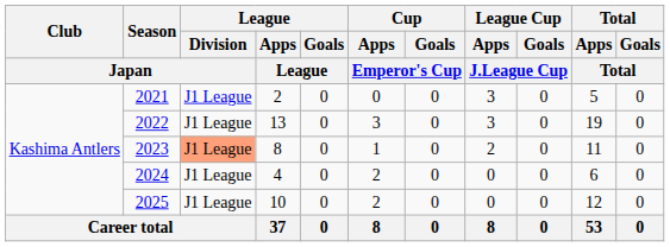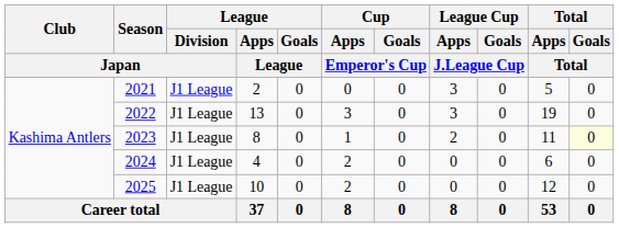 <table class="wikitable" style="text-align:center;">
 <tr>
 <th rowspan=2>Club</th>
 <th rowspan=2>Season</th>
 <th colspan=3>League</th>
 <th colspan=2>Cup</th>
 <th colspan=2>League Cup</th>
 <th colspan=2>Total</th>
 </tr>
 <tr>
 <th>Division</th>
 <th>Apps</th>
 <th>Goals</th>
 <th>Apps</th>
 <th>Goals</th>
 <th>Apps</th>
 <th>Goals</th>
 <th>Apps</th>
 <th>Goals</th>
 </tr>
 <tr>
 <th colspan=3>Japan</th>
 <th colspan=2>League</th>
 <th colspan=2><a href='#'>Emperor's Cup</a></th>
 <th colspan=2><a href='#'>J.League Cup</a></th>
 <th colspan=2>Total</th>
 </tr>
 <tr>
 <td rowspan="5"><a href='#'>Kashima Antlers</a></td>
 <td><a href='#'>2021</a></td>
 <td><a href='#'>J1 League</a></td>
 <td>2</td>
 <td>0</td>
 <td>0</td>
 <td>0</td>
 <td>3</td>
 <td>0</td>
 <td>5</td>
 <td>0</td>
 </tr>
 <tr>
 <td><a href='#'>2022</a></td>
 <td>J1 League</td>
 <td>13</td>
 <td>0</td>
 <td>3</td>
 <td>0</td>
 <td>3</td>
 <td>0</td>
 <td>19</td>
 <td>0</td>
 </tr>
 <tr>
 <td><a href='#'>2023</a></td>
-<td style="background: lightsalmon;">J1 League</td>
+<td>J1 League</td>
 <td>8</td>
 <td>0</td>
 <td>1</td>
 <td>0</td>
 <td>2</td>
 <td>0</td>
 <td>11</td>
-<td>0</td>
+<td style="background: lightyellow;">0</td>
 </tr>
 <tr>
 <td><a href='#'>2024</a></td>
 <td>J1 League</td>
 <td>4</td>
 <td>0</td>
 <td>2</td>
 <td>0</td>
 <td>0</td>
 <td>0</td>
 <td>6</td>
 <td>0</td>
 </tr>
 <tr>
 <td><a href='#'>2025</a></td>
 <td>J1 League</td>
 <td>10</td>
 <td>0</td>
 <td>2</td>
 <td>0</td>
 <td>0</td>
 <td>0</td>
 <td>12</td>
 <td>0</td>
 </tr>
 <tr>
 <th colspan=3>Career total</th>
 <th>37</th>
 <th>0</th>
 <th>8</th>
 <th>0</th>
 <th>8</th>
 <th>0</th>
 <th>53</th>
 <th>0</th>
 </tr>
 </table>
